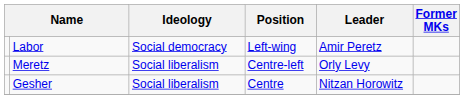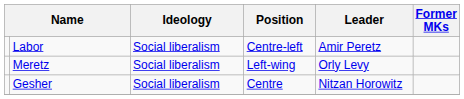 <table class="wikitable">
 <tr>
 <th colspan=2>Name</th>
 <th>Ideology</th>
 <th>Position</th>
 <th>Leader</th>
 <th><a href='#'>Former MKs</a></th>
 </tr>
 <tr>
 <td style="background: "></td>
 <td style="width:200px"><a href='#'>Labor</a></td>
-<td style="width:180px"><a href='#'>Social democracy</a></td>
-<td style="width:100px"><a href='#'>Left-wing</a></td>
+<td style="width:180px"><a href='#'>Social liberalism</a></td>
+<td style="width:100px"><a href='#'>Centre-left</a></td>
 <td style="width:150px"><a href='#'>Amir Peretz</a></td>
 <td></td>
 </tr>
 <tr>
 <td style="background: "></td>
 <td style="width:200px"><a href='#'>Meretz</a></td>
 <td style="width:180px"><a href='#'>Social liberalism</a></td>
-<td style="width:100px"><a href='#'>Centre-left</a></td>
+<td style="width:100px"><a href='#'>Left-wing</a></td>
 <td style="width:150px"><a href='#'>Orly Levy</a></td>
 <td></td>
 </tr>
 <tr>
 <td style="background: "></td>
 <td style="width:200px"><a href='#'>Gesher</a></td>
 <td style="width:180px"><a href='#'>Social liberalism</a></td>
 <td style="width:100px"><a href='#'>Centre</a></td>
 <td style="width:150px"><a href='#'>Nitzan Horowitz</a></td>
 <td></td>
 </tr>
 <tr>
 </tr>
 </table>
